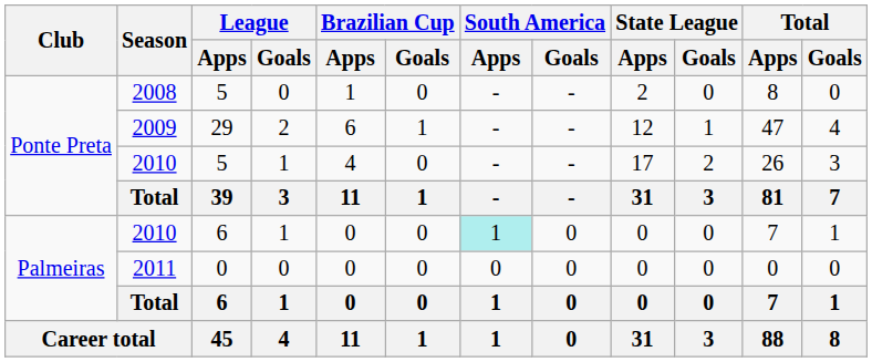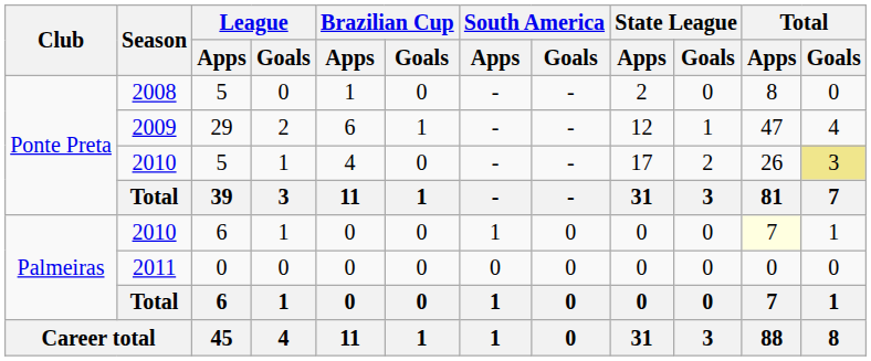 <table class="wikitable" style="text-align: center;">
 <tr>
 <th rowspan="2">Club</th>
 <th rowspan="2">Season</th>
 <th colspan="2"><a href='#'>League</a></th>
 <th colspan="2"><a href='#'>Brazilian Cup</a></th>
 <th colspan="2"><a href='#'>South America</a></th>
 <th colspan="2">State League</th>
 <th colspan="2">Total</th>
 </tr>
 <tr>
 <th>Apps</th>
 <th>Goals</th>
 <th>Apps</th>
 <th>Goals</th>
 <th>Apps</th>
 <th>Goals</th>
 <th>Apps</th>
 <th>Goals</th>
 <th>Apps</th>
 <th>Goals</th>
 </tr>
 <tr>
 <td rowspan="4"><a href='#'>Ponte Preta</a></td>
 <td><a href='#'>2008</a></td>
 <td>5</td>
 <td>0</td>
 <td>1</td>
 <td>0</td>
 <td>-</td>
 <td>-</td>
 <td>2</td>
 <td>0</td>
 <td>8</td>
 <td>0</td>
 </tr>
 <tr>
 <td><a href='#'>2009</a></td>
 <td>29</td>
 <td>2</td>
 <td>6</td>
 <td>1</td>
 <td>-</td>
 <td>-</td>
 <td>12</td>
 <td>1</td>
 <td>47</td>
 <td>4</td>
 </tr>
 <tr>
 <td><a href='#'>2010</a></td>
 <td>5</td>
 <td>1</td>
 <td>4</td>
 <td>0</td>
 <td>-</td>
 <td>-</td>
 <td>17</td>
 <td>2</td>
 <td>26</td>
-<td>3</td>
+<td style="background: khaki;">3</td>
 </tr>
 <tr>
 <th>Total</th>
 <th>39</th>
 <th>3</th>
 <th>11</th>
 <th>1</th>
 <th>-</th>
 <th>-</th>
 <th>31</th>
 <th>3</th>
 <th>81</th>
 <th>7</th>
 </tr>
 <tr>
 <td rowspan="3"><a href='#'>Palmeiras</a></td>
 <td><a href='#'>2010</a></td>
 <td>6</td>
 <td>1</td>
 <td>0</td>
 <td>0</td>
-<td style="background: paleturquoise;">1</td>
+<td>1</td>
 <td>0</td>
 <td>0</td>
 <td>0</td>
-<td>7</td>
+<td style="background: lightyellow;">7</td>
 <td>1</td>
 </tr>
 <tr>
 <td><a href='#'>2011</a></td>
 <td>0</td>
 <td>0</td>
 <td>0</td>
 <td>0</td>
 <td>0</td>
 <td>0</td>
 <td>0</td>
 <td>0</td>
 <td>0</td>
 <td>0</td>
 </tr>
 <tr>
 <th>Total</th>
 <th>6</th>
 <th>1</th>
 <th>0</th>
 <th>0</th>
 <th>1</th>
 <th>0</th>
 <th>0</th>
 <th>0</th>
 <th>7</th>
 <th>1</th>
 </tr>
 <tr>
 <th colspan="2">Career total</th>
 <th>45</th>
 <th>4</th>
 <th>11</th>
 <th>1</th>
 <th>1</th>
 <th>0</th>
 <th>31</th>
 <th>3</th>
 <th>88</th>
 <th>8</th>
 </tr>
 </table>
